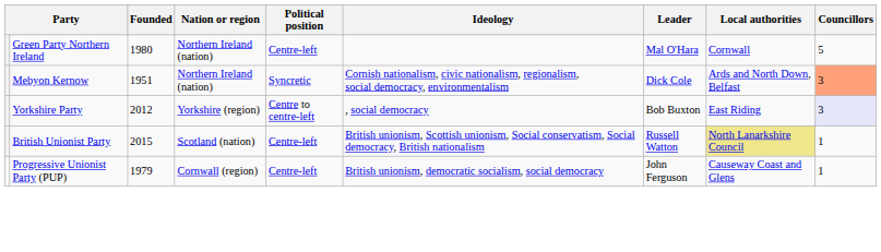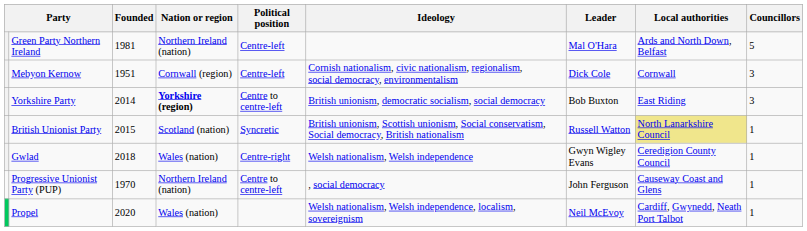 <table class="wikitable sortable">
 <tr style="background:#ccc;">
 <th colspan="2" scope="col" style="width:5px;">Party</th>
 <th class="unsortable">Founded</th>
 <th class="unsortable">Nation or region</th>
 <th class="unsortable">Political position</th>
 <th class="unsortable">Ideology</th>
 <th class="unsortable">Leader</th>
 <th class="unsortable">Local authorities</th>
 <th data-sort-type="number">Councillors</th>
 </tr>
 <tr>
 <th style="background-color: "></th>
 <td><a href='#'>Green Party Northern Ireland</a></td>
-<td>1980</td>
+<td>1981</td>
 <td><a href='#'>Northern Ireland</a> (nation)</td>
 <td><a href='#'>Centre-left</a></td>
 <td></td>
 <td><a href='#'>Mal O'Hara</a></td>
-<td><a href='#'>Cornwall</a></td>
+<td><a href='#'>Ards and North Down</a>, <a href='#'>Belfast</a></td>
 <td>5</td>
 </tr>
 <tr>
 <th style="background-color: "></th>
 <td><a href='#'>Mebyon Kernow</a></td>
 <td>1951</td>
-<td><a href='#'>Northern Ireland</a> (nation)</td>
-<td><a href='#'>Syncretic</a></td>
+<td><a href='#'>Cornwall</a> (region)</td>
+<td><a href='#'>Centre-left</a></td>
 <td><a href='#'>Cornish nationalism</a>, <a href='#'>civic nationalism</a>, <a href='#'>regionalism</a>, <br><a href='#'>social democracy</a>, <a href='#'>environmentalism</a></td>
 <td><a href='#'>Dick Cole</a></td>
-<td><a href='#'>Ards and North Down</a>, <a href='#'>Belfast</a></td>
-<td style="background: lightsalmon;">3</td>
+<td><a href='#'>Cornwall</a></td>
+<td>3</td>
 </tr>
 <tr>
 <th style="background-color: "></th>
 <td><a href='#'>Yorkshire Party</a></td>
-<td>2012</td>
-<td><a href='#'>Yorkshire</a> (region)</td>
+<td>2014</td>
+<td><strong><a href='#'>Yorkshire</a> (region)</strong></td>
 <td><a href='#'>Centre</a> to <a href='#'>centre-left</a></td>
-<td>, <a href='#'>social democracy</a></td>
+<td><a href='#'>British unionism</a>, <a href='#'>democratic socialism</a>, <a href='#'>social democracy</a></td>
 <td>Bob Buxton</td>
 <td><a href='#'>East Riding</a></td>
-<td style="background: lavender;">3</td>
+<td>3</td>
 </tr>
 <tr>
 <th style="background-color: "></th>
 <td><a href='#'>British Unionist Party</a></td>
 <td>2015</td>
 <td><a href='#'>Scotland</a> (nation)</td>
-<td><a href='#'>Centre-left</a></td>
+<td><a href='#'>Syncretic</a></td>
 <td><a href='#'>British unionism</a>, <a href='#'>Scottish unionism</a>, <a href='#'>Social conservatism</a>, <a href='#'>Social democracy</a>, <a href='#'>British nationalism</a></td>
 <td><a href='#'>Russell Watton</a></td>
 <td style="background: khaki;"><a href='#'>North Lanarkshire Council</a></td>
 <td>1</td>
 </tr>
 <tr>
+<th style="background-color: "></th>
+<td><a href='#'>Gwlad</a></td>
+<td>2018</td>
+<td><a href='#'>Wales</a> (nation)</td>
+<td><a href='#'>Centre-right</a></td>
+<td><a href='#'>Welsh nationalism</a>, <a href='#'>Welsh independence</a></td>
+<td>Gwyn Wigley Evans</td>
+<td><a href='#'>Ceredigion County Council</a></td>
+<td>1</td>
+</tr>
+<tr>
 <td style="background-color: "></td>
 <td><a href='#'>Progressive Unionist Party</a> (PUP)</td>
-<td>1979</td>
-<td><a href='#'>Cornwall</a> (region)</td>
-<td><a href='#'>Centre-left</a></td>
-<td><a href='#'>British unionism</a>, <a href='#'>democratic socialism</a>, <a href='#'>social democracy</a></td>
+<td>1970</td>
+<td><a href='#'>Northern Ireland</a> (nation)</td>
+<td><a href='#'>Centre</a> to <a href='#'>centre-left</a></td>
+<td>, <a href='#'>social democracy</a></td>
 <td>John Ferguson</td>
 <td><a href='#'>Causeway Coast and Glens</a></td>
 <td>1</td>
 </tr>
+<tr>
+<th style="background-color: #00c95e"></th>
+<td><a href='#'>Propel</a></td>
+<td>2020</td>
+<td><a href='#'>Wales</a> (nation)</td>
+<td></td>
+<td><a href='#'>Welsh nationalism</a>, <a href='#'>Welsh independence</a>, <a href='#'>localism</a>, <a href='#'>sovereignism</a></td>
+<td><a href='#'>Neil McEvoy</a></td>
+<td><a href='#'>Cardiff</a>, <a href='#'>Gwynedd</a>, <a href='#'>Neath Port Talbot</a></td>
+<td>1</td>
+</tr>
 </table>
